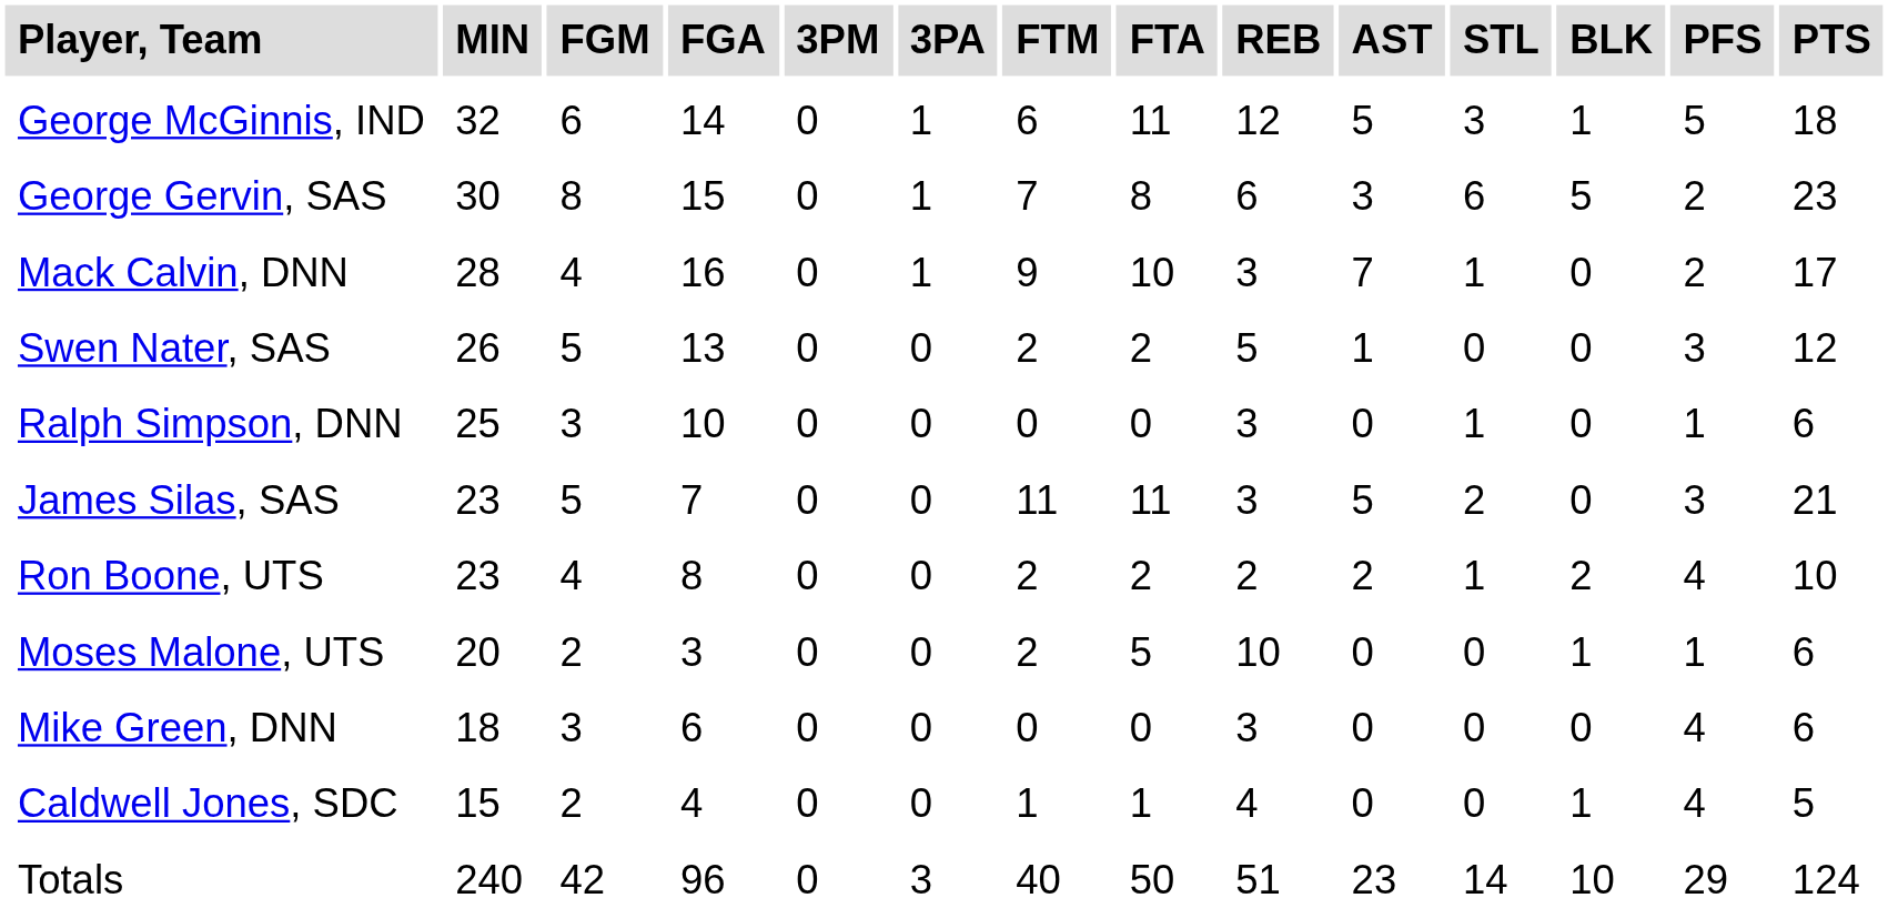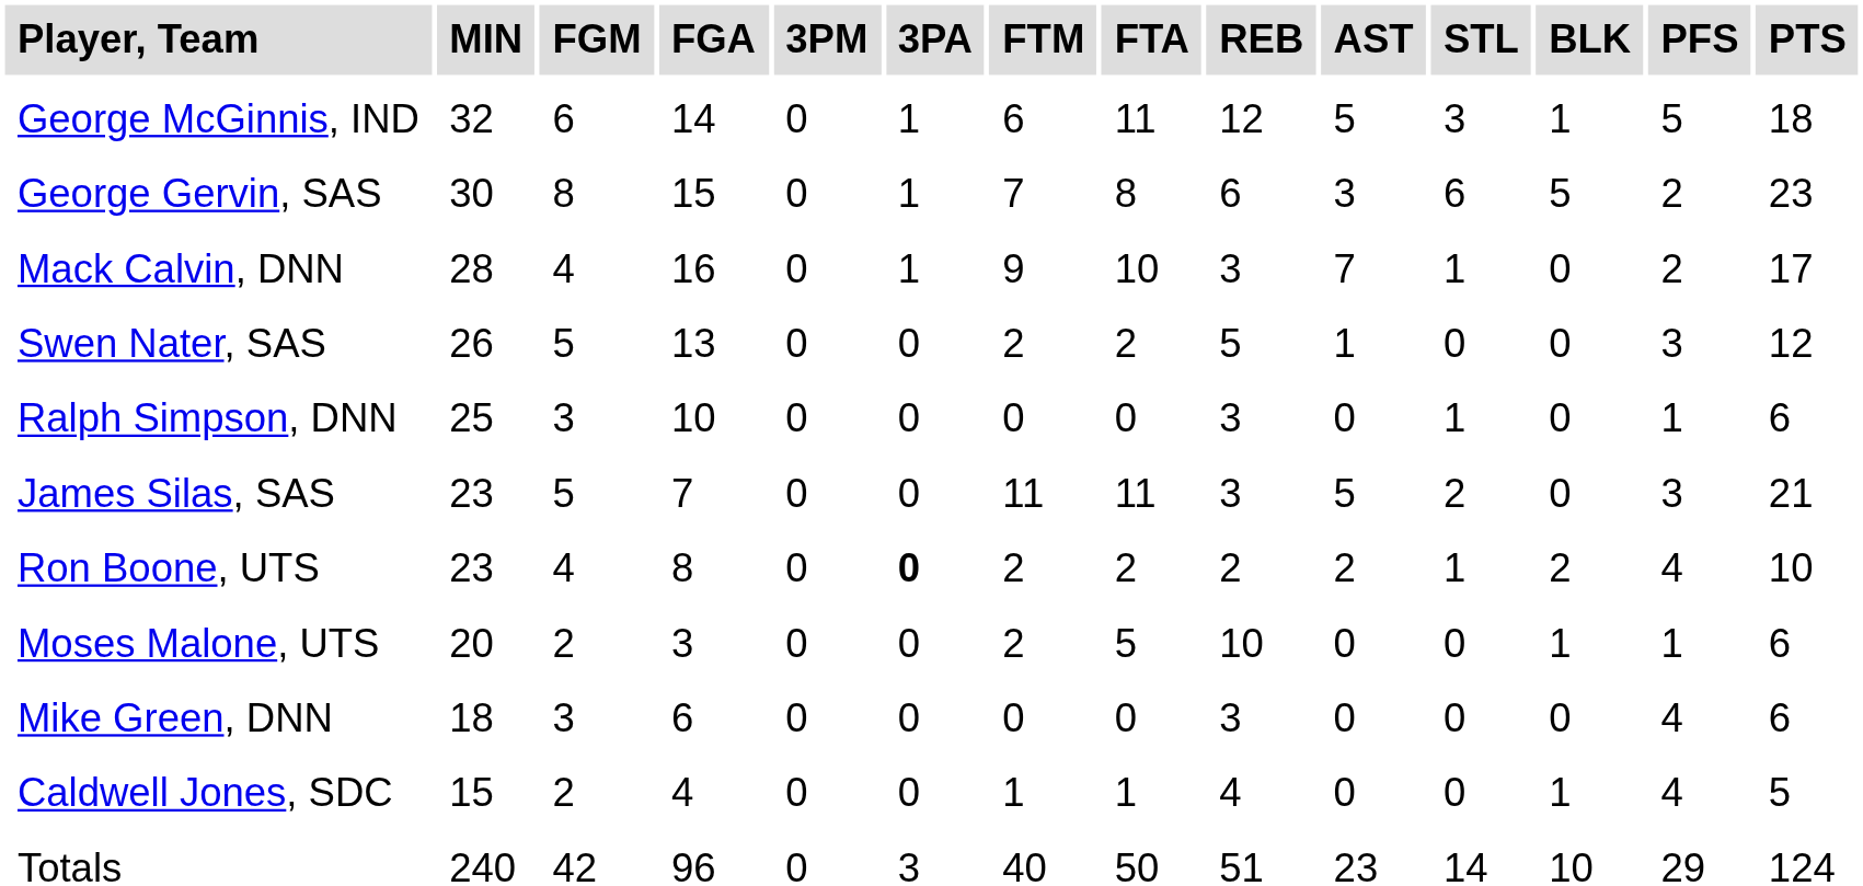 <table cellpadding=5>
 <tr bgcolor="#dddddd">
 <td><strong>Player, Team</strong></td>
 <td><strong>MIN</strong></td>
 <td><strong>FGM</strong></td>
 <td><strong>FGA</strong></td>
 <td><strong>3PM</strong></td>
 <td><strong>3PA</strong></td>
 <td><strong>FTM</strong></td>
 <td><strong>FTA</strong></td>
 <td><strong>REB</strong></td>
 <td><strong>AST</strong></td>
 <td><strong>STL</strong></td>
 <td><strong>BLK</strong></td>
 <td><strong>PFS</strong></td>
 <td><strong>PTS</strong></td>
 </tr>
 <tr bgcolor="#eeeeee">
 </tr>
 <tr>
 <td><a href='#'>George McGinnis</a>, IND</td>
 <td>32</td>
 <td>6</td>
 <td>14</td>
 <td>0</td>
 <td>1</td>
 <td>6</td>
 <td>11</td>
 <td>12</td>
 <td>5</td>
 <td>3</td>
 <td>1</td>
 <td>5</td>
 <td>18</td>
 </tr>
 <tr>
 <td><a href='#'>George Gervin</a>, SAS</td>
 <td>30</td>
 <td>8</td>
 <td>15</td>
 <td>0</td>
 <td>1</td>
 <td>7</td>
 <td>8</td>
 <td>6</td>
 <td>3</td>
 <td>6</td>
 <td>5</td>
 <td>2</td>
 <td>23</td>
 </tr>
 <tr>
 <td><a href='#'>Mack Calvin</a>, DNN</td>
 <td>28</td>
 <td>4</td>
 <td>16</td>
 <td>0</td>
 <td>1</td>
 <td>9</td>
 <td>10</td>
 <td>3</td>
 <td>7</td>
 <td>1</td>
 <td>0</td>
 <td>2</td>
 <td>17</td>
 </tr>
 <tr>
 <td><a href='#'>Swen Nater</a>, SAS</td>
 <td>26</td>
 <td>5</td>
 <td>13</td>
 <td>0</td>
 <td>0</td>
 <td>2</td>
 <td>2</td>
 <td>5</td>
 <td>1</td>
 <td>0</td>
 <td>0</td>
 <td>3</td>
 <td>12</td>
 </tr>
 <tr>
 <td><a href='#'>Ralph Simpson</a>, DNN</td>
 <td>25</td>
 <td>3</td>
 <td>10</td>
 <td>0</td>
 <td>0</td>
 <td>0</td>
 <td>0</td>
 <td>3</td>
 <td>0</td>
 <td>1</td>
 <td>0</td>
 <td>1</td>
 <td>6</td>
 </tr>
 <tr>
 <td><a href='#'>James Silas</a>, SAS</td>
 <td>23</td>
 <td>5</td>
 <td>7</td>
 <td>0</td>
 <td>0</td>
 <td>11</td>
 <td>11</td>
 <td>3</td>
 <td>5</td>
 <td>2</td>
 <td>0</td>
 <td>3</td>
 <td>21</td>
 </tr>
 <tr>
 <td><a href='#'>Ron Boone</a>, UTS</td>
 <td>23</td>
 <td>4</td>
 <td>8</td>
 <td>0</td>
-<td>0</td>
+<td><strong>0</strong></td>
 <td>2</td>
 <td>2</td>
 <td>2</td>
 <td>2</td>
 <td>1</td>
 <td>2</td>
 <td>4</td>
 <td>10</td>
 </tr>
 <tr>
 <td><a href='#'>Moses Malone</a>, UTS</td>
 <td>20</td>
 <td>2</td>
 <td>3</td>
 <td>0</td>
 <td>0</td>
 <td>2</td>
 <td>5</td>
 <td>10</td>
 <td>0</td>
 <td>0</td>
 <td>1</td>
 <td>1</td>
 <td>6</td>
 </tr>
 <tr>
 <td><a href='#'>Mike Green</a>, DNN</td>
 <td>18</td>
 <td>3</td>
 <td>6</td>
 <td>0</td>
 <td>0</td>
 <td>0</td>
 <td>0</td>
 <td>3</td>
 <td>0</td>
 <td>0</td>
 <td>0</td>
 <td>4</td>
 <td>6</td>
 </tr>
 <tr>
 <td><a href='#'>Caldwell Jones</a>, SDC</td>
 <td>15</td>
 <td>2</td>
 <td>4</td>
 <td>0</td>
 <td>0</td>
 <td>1</td>
 <td>1</td>
 <td>4</td>
 <td>0</td>
 <td>0</td>
 <td>1</td>
 <td>4</td>
 <td>5</td>
 </tr>
 <tr>
 <td>Totals</td>
 <td>240</td>
 <td>42</td>
 <td>96</td>
 <td>0</td>
 <td>3</td>
 <td>40</td>
 <td>50</td>
 <td>51</td>
 <td>23</td>
 <td>14</td>
 <td>10</td>
 <td>29</td>
 <td>124</td>
 </tr>
 <tr>
 </tr>
 </table>
